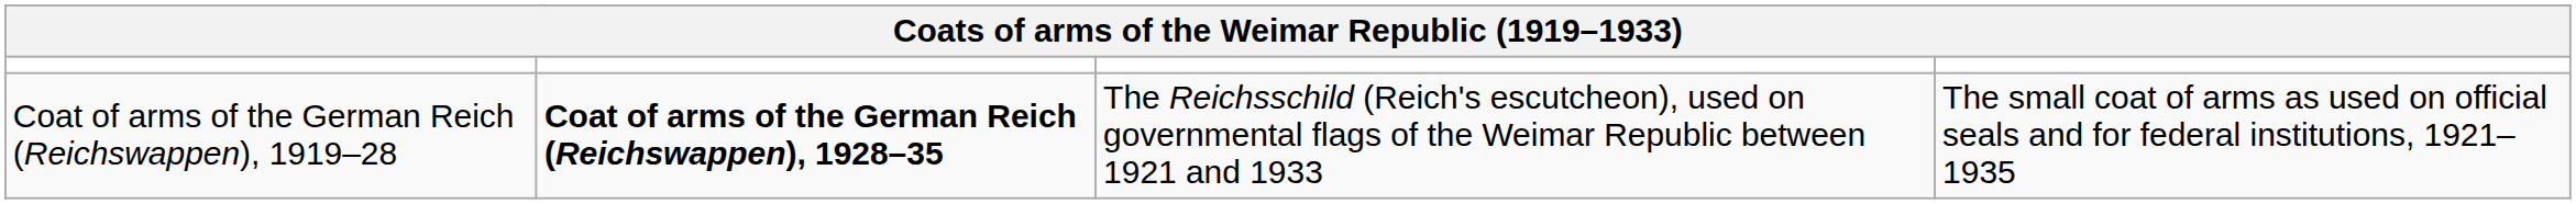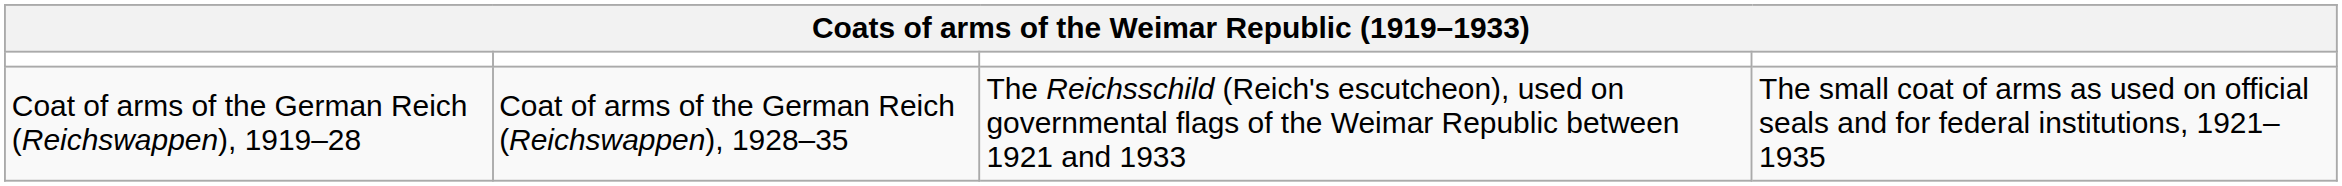 <table class="wikitable">
 <tr>
 <th class="hintergrundfarbe8" colspan="4">Coats of arms of the Weimar Republic (1919–1933)</th>
 </tr>
 <tr bgcolor="#FFFFFF">
 <td></td>
 <td></td>
 <td></td>
 <td></td>
 </tr>
 <tr class="hintergrundfarbe8">
 <td>Coat of arms of the German Reich (<em>Reichswappen</em>), 1919–28</td>
-<td><strong>Coat of arms of the German Reich (<em>Reichswappen</em>), 1928–35</strong></td>
+<td>Coat of arms of the German Reich (<em>Reichswappen</em>), 1928–35</td>
 <td>The <em>Reichsschild</em> (Reich's escutcheon), used on governmental flags of the Weimar Republic between 1921 and 1933</td>
 <td>The small coat of arms as used on official seals and for federal institutions, 1921–1935</td>
 </tr>
 </table>
